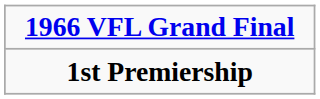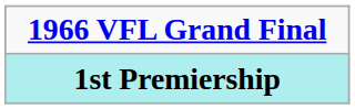 <table class="wikitable"  style="width:180px; text-align:center; float:left; margin-right:1em">
 <tr>
 <td><strong><a href='#'>1966 VFL Grand Final</a></strong></td>
 </tr>
 <tr>
-<td><strong>1st Premiership</strong></td>
+<td style="background: paleturquoise;"><strong>1st Premiership</strong></td>
 </tr>
 </table>
